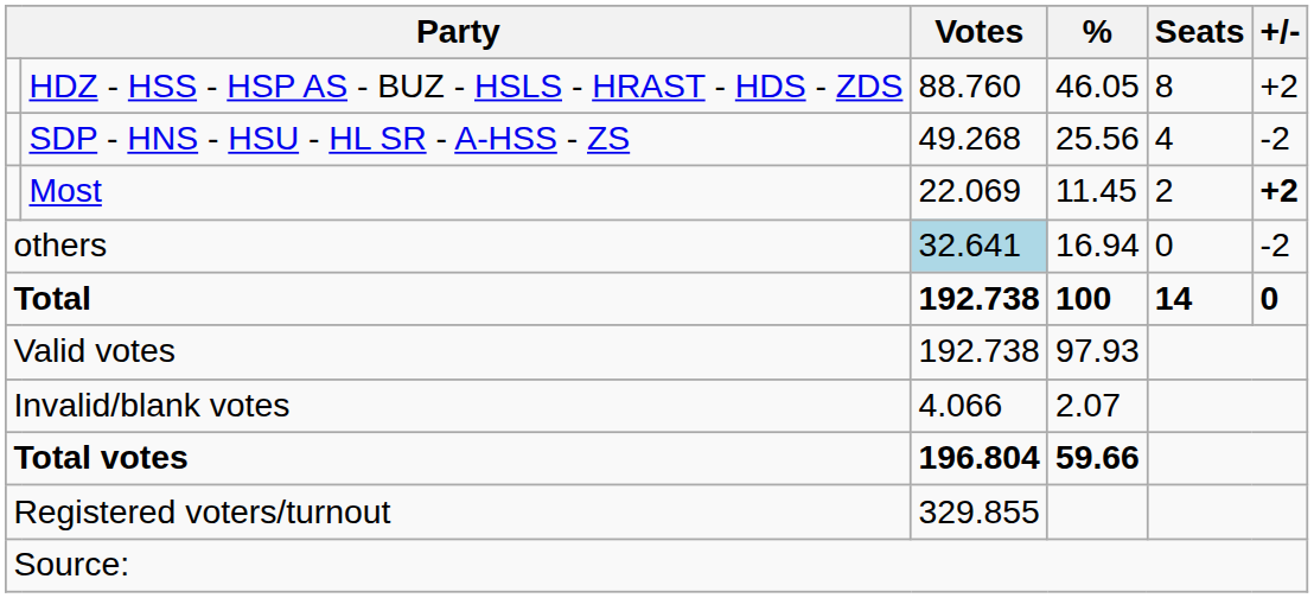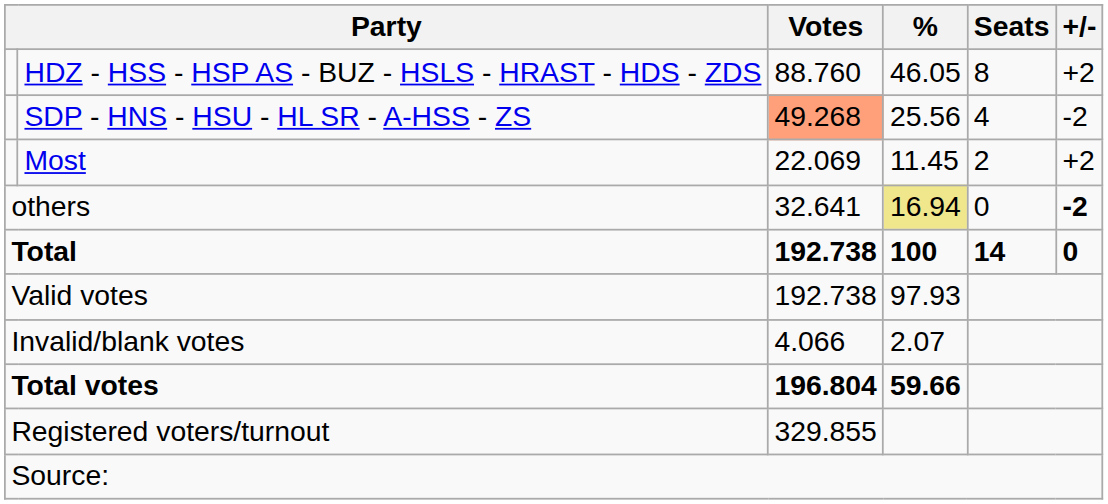 <table class="wikitable" style="text-align: left;">
 <tr>
 <th colspan="2">Party</th>
 <th>Votes</th>
 <th>%</th>
 <th>Seats</th>
 <th>+/-</th>
 </tr>
 <tr>
 <td style="background-color: "></td>
 <td><a href='#'>HDZ</a> - <a href='#'>HSS</a> - <a href='#'>HSP AS</a> - BUZ - <a href='#'>HSLS</a> - <a href='#'>HRAST</a> - <a href='#'>HDS</a> - <a href='#'>ZDS</a></td>
 <td>88.760</td>
 <td>46.05</td>
 <td>8</td>
 <td>+2</td>
 </tr>
 <tr>
 <td style="background-color: "></td>
 <td><a href='#'>SDP</a> - <a href='#'>HNS</a> - <a href='#'>HSU</a> - <a href='#'>HL SR</a> - <a href='#'>A-HSS</a> - <a href='#'>ZS</a></td>
-<td>49.268</td>
+<td style="background: lightsalmon;">49.268</td>
 <td>25.56</td>
 <td>4</td>
 <td>-2</td>
 </tr>
 <tr>
 <td style="background-color: "></td>
 <td><a href='#'>Most</a></td>
 <td>22.069</td>
 <td>11.45</td>
 <td>2</td>
-<td><strong>+2</strong></td>
+<td>+2</td>
 </tr>
 <tr>
 <td colspan="2">others</td>
-<td style="background: lightblue;">32.641</td>
-<td>16.94</td>
+<td>32.641</td>
+<td style="background: khaki;">16.94</td>
 <td>0</td>
-<td>-2</td>
+<td><strong>-2</strong></td>
 </tr>
 <tr>
 <td colspan="2"><strong>Total</strong></td>
 <td><strong>192.738</strong></td>
 <td><strong>100</strong></td>
 <td><strong>14</strong></td>
 <td><strong>0</strong></td>
 </tr>
 <tr>
 <td colspan="2">Valid votes</td>
 <td>192.738</td>
 <td>97.93</td>
 <td colspan="2"></td>
 </tr>
 <tr>
 <td colspan="2">Invalid/blank votes</td>
 <td>4.066</td>
 <td>2.07</td>
 <td colspan="2"></td>
 </tr>
 <tr>
 <td colspan="2"><strong>Total votes</strong></td>
 <td><strong>196.804</strong></td>
 <td><strong>59.66</strong></td>
 <td colspan="2"></td>
 </tr>
 <tr>
 <td colspan="2">Registered voters/turnout</td>
 <td votes14="5343">329.855</td>
 <td></td>
 <td colspan="2"></td>
 </tr>
 <tr>
 <td colspan="6">Source: </td>
 </tr>
 </table>
